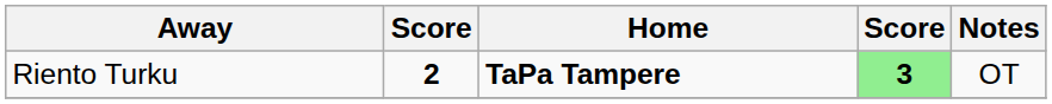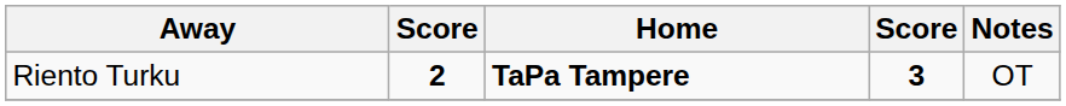 <table class="wikitable">
 <tr>
 <th width="200">Away</th>
 <th width="40">Score</th>
 <th width="200">Home</th>
 <th width="40">Score</th>
 <th>Notes</th>
 </tr>
 <tr>
 <td>Riento Turku</td>
 <td align=center><strong>2</strong></td>
 <td><strong>TaPa Tampere</strong></td>
-<td align=center style="background: lightgreen;"><strong>3</strong></td>
+<td align=center><strong>3</strong></td>
 <td align="center">OT</td>
 </tr>
 <tr>
 </tr>
 </table>
